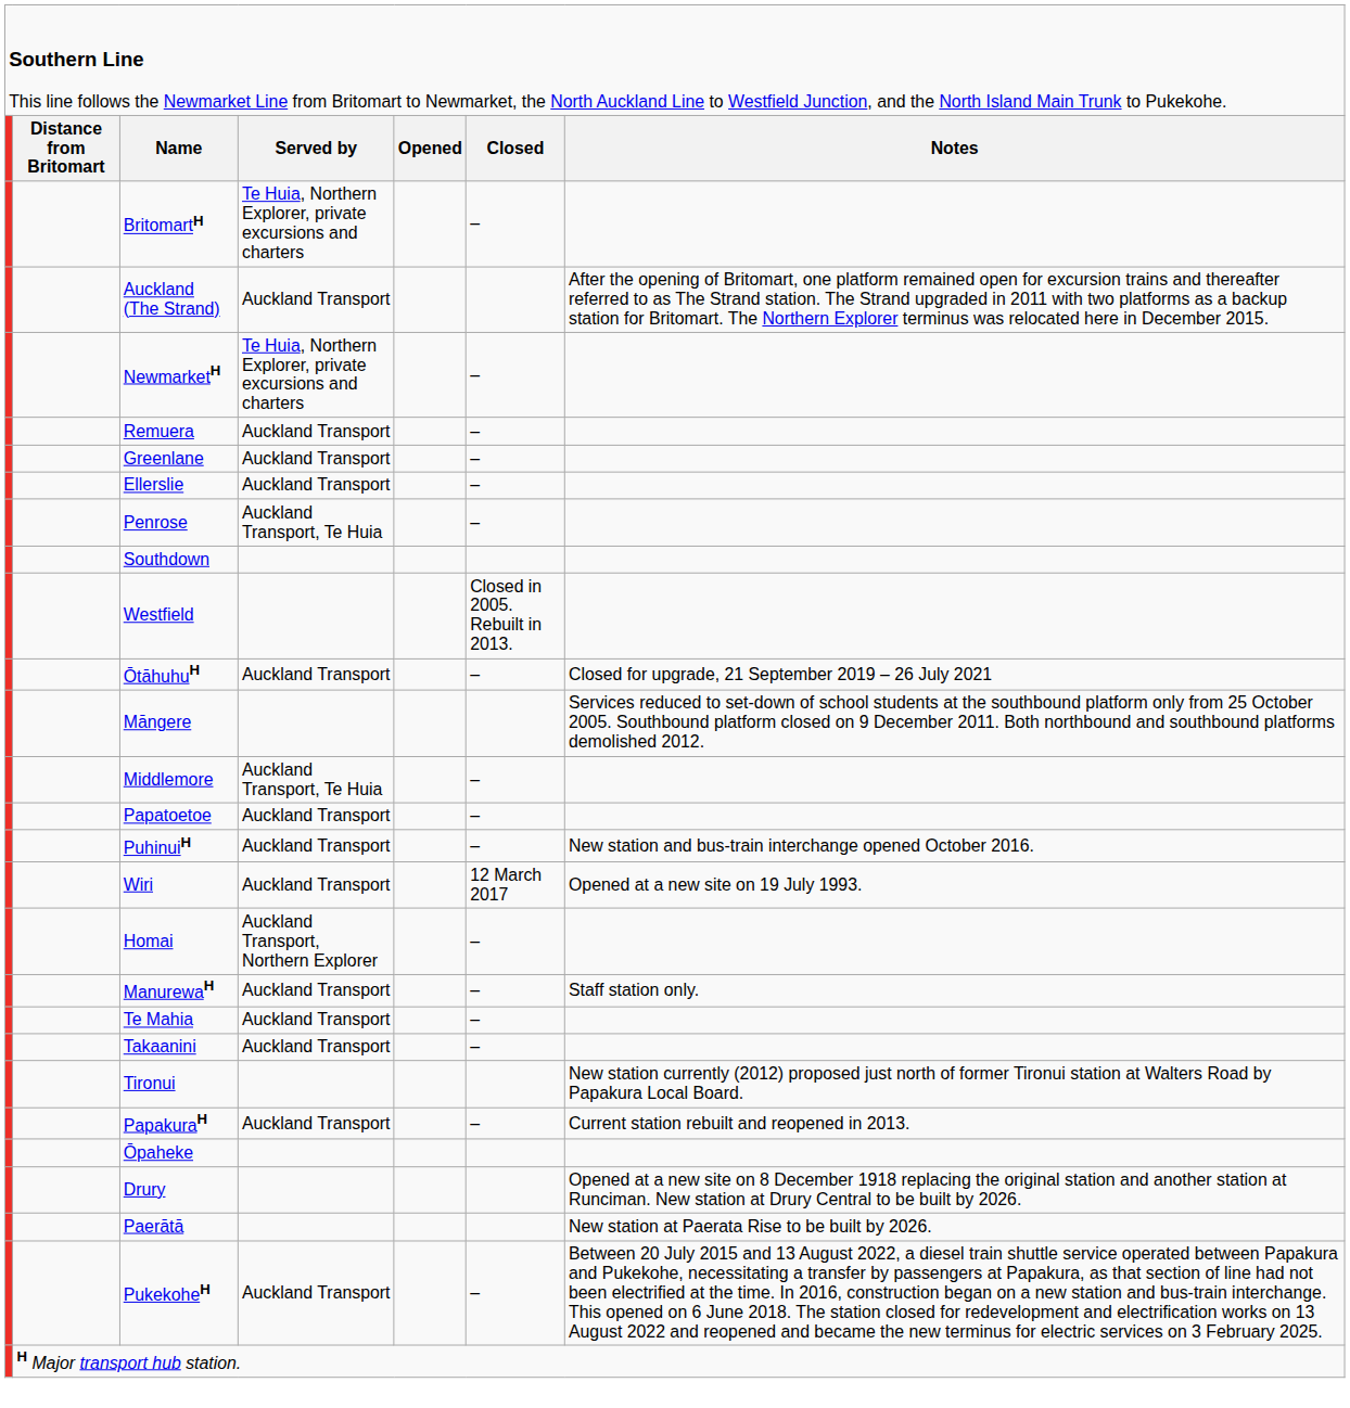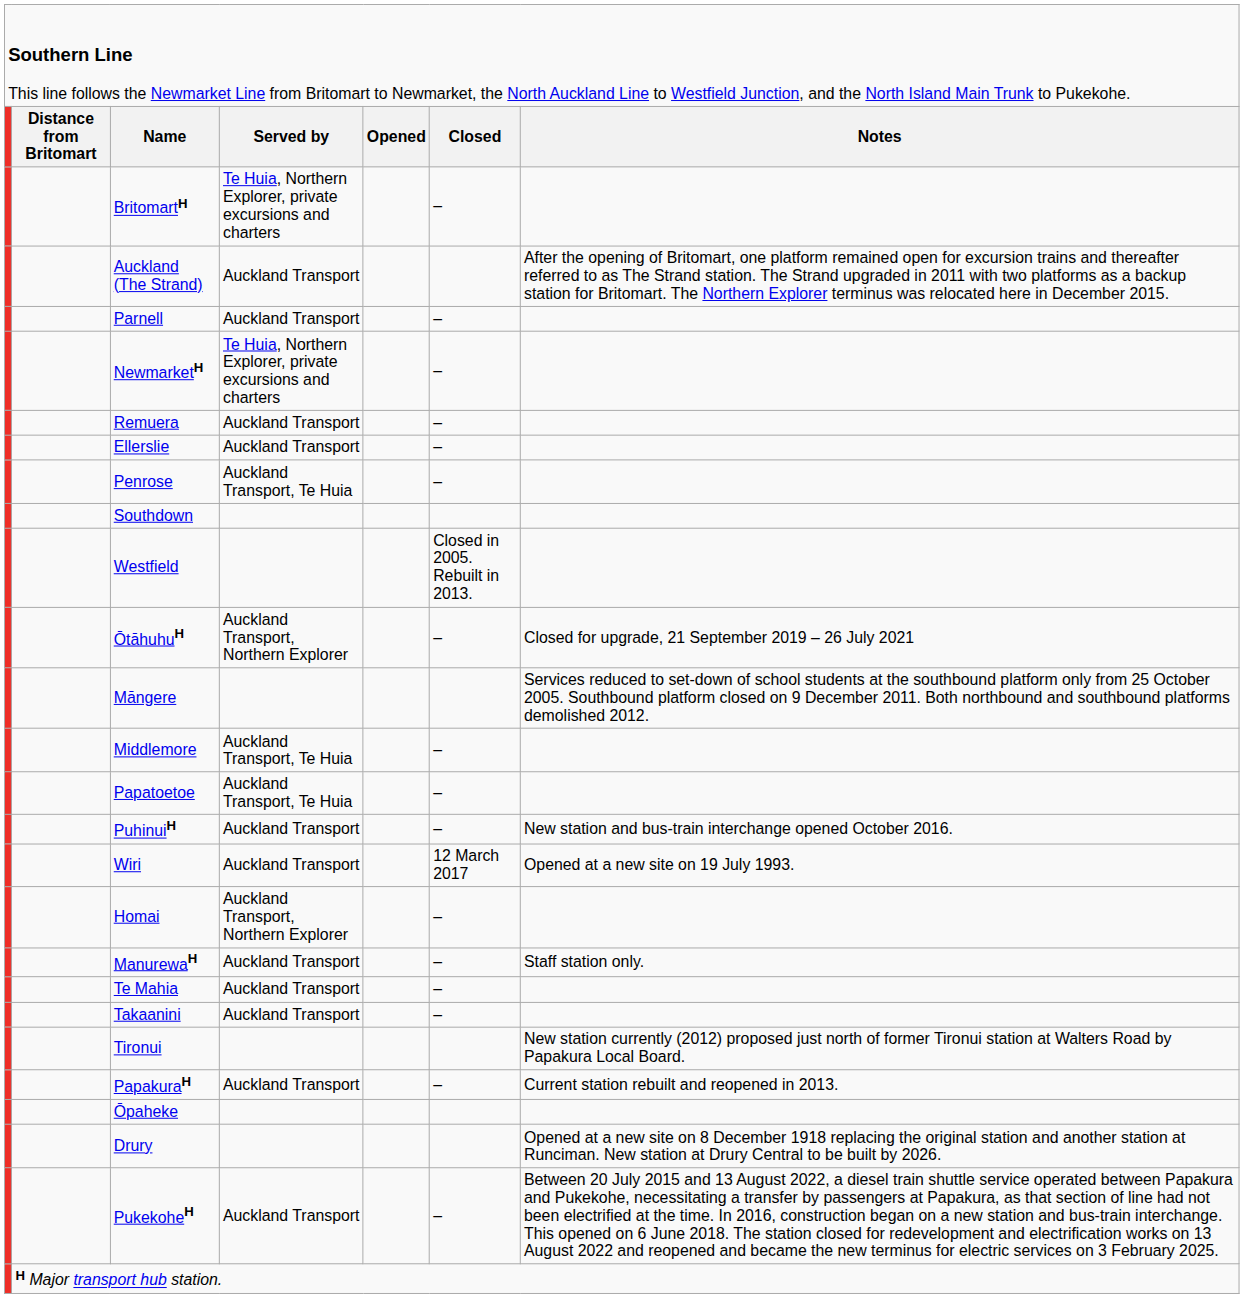 <table class="wikitable">
 <tr>
 <td align="left" colspan=7><br><h3>Southern Line</h3> This line follows the <a href='#'>Newmarket Line</a> from Britomart to Newmarket, the <a href='#'>North Auckland Line</a> to <a href='#'>Westfield Junction</a>, and the <a href='#'>North Island Main Trunk</a> to Pukekohe.</td>
 </tr>
 <tr>
 <td bgcolor=#ee2e27></td>
 <th>Distance from Britomart</th>
 <th>Name</th>
 <th>Served by</th>
 <th>Opened</th>
 <th>Closed</th>
 <th>Notes</th>
 </tr>
 <tr>
 <td bgcolor=#ee2e27></td>
 <td></td>
 <td><a href='#'>Britomart</a><strong><sup>H</sup></strong></td>
 <td><a href='#'>Te Huia</a>, Northern Explorer, private excursions and charters</td>
 <td></td>
 <td>–</td>
 <td></td>
 </tr>
 <tr>
 <td bgcolor=#ee2e27></td>
 <td></td>
 <td><a href='#'>Auckland (The Strand)</a></td>
 <td>Auckland Transport</td>
 <td></td>
 <td></td>
 <td>After the opening of Britomart, one platform remained open for excursion trains and thereafter referred to as The Strand station. The Strand upgraded in 2011 with two platforms as a backup station for Britomart. The <a href='#'>Northern Explorer</a> terminus was relocated here in December 2015.</td>
 </tr>
 <tr>
 <td bgcolor=#ee2e27></td>
 <td></td>
+<td><a href='#'>Parnell</a></td>
+<td>Auckland Transport</td>
+<td></td>
+<td>–</td>
+<td></td>
+</tr>
+<tr>
+<td bgcolor=#ee2e27></td>
+<td></td>
 <td><a href='#'>Newmarket</a><strong><sup>H</sup></strong></td>
 <td><a href='#'>Te Huia</a>, Northern Explorer, private excursions and charters</td>
 <td></td>
 <td>–</td>
 <td></td>
 </tr>
 <tr>
 <td bgcolor=#ee2e27></td>
 <td></td>
 <td><a href='#'>Remuera</a></td>
-<td>Auckland Transport</td>
-<td></td>
-<td>–</td>
-<td></td>
-</tr>
-<tr>
-<td bgcolor=#ee2e27></td>
-<td></td>
-<td><a href='#'>Greenlane</a></td>
 <td>Auckland Transport</td>
 <td></td>
 <td>–</td>
 <td></td>
 </tr>
 <tr>
 <td bgcolor=#ee2e27></td>
 <td></td>
 <td><a href='#'>Ellerslie</a></td>
 <td>Auckland Transport</td>
 <td></td>
 <td>–</td>
 <td></td>
 </tr>
 <tr>
 <td bgcolor=#ee2e27></td>
 <td></td>
 <td><a href='#'>Penrose</a></td>
 <td>Auckland Transport, Te Huia</td>
 <td></td>
 <td>–</td>
 <td></td>
 </tr>
 <tr>
 <td bgcolor=#ee2e27></td>
 <td></td>
 <td><a href='#'>Southdown</a></td>
 <td></td>
 <td></td>
 <td></td>
 <td></td>
 </tr>
 <tr>
 <td bgcolor=#ee2e27></td>
 <td></td>
 <td><a href='#'>Westfield</a></td>
 <td></td>
 <td></td>
 <td>Closed in 2005. Rebuilt in 2013.</td>
 <td></td>
 </tr>
 <tr>
 <td bgcolor=#ee2e27></td>
 <td></td>
 <td><a href='#'>Ōtāhuhu</a><strong><sup>H</sup></strong></td>
-<td>Auckland Transport</td>
+<td>Auckland Transport, Northern Explorer</td>
 <td></td>
 <td>–</td>
 <td>Closed for upgrade, 21 September 2019 – 26 July 2021</td>
 </tr>
 <tr>
 <td bgcolor=#ee2e27></td>
 <td></td>
 <td><a href='#'>Māngere</a></td>
 <td></td>
 <td></td>
 <td></td>
 <td>Services reduced to set-down of school students at the southbound platform only from 25 October 2005. Southbound platform closed on 9 December 2011. Both northbound and southbound platforms demolished 2012.</td>
 </tr>
 <tr>
 <td bgcolor=#ee2e27></td>
 <td></td>
 <td><a href='#'>Middlemore</a></td>
 <td>Auckland Transport, Te Huia</td>
 <td></td>
 <td>–</td>
 <td></td>
 </tr>
 <tr>
 <td bgcolor=#ee2e27></td>
 <td></td>
 <td><a href='#'>Papatoetoe</a></td>
-<td>Auckland Transport</td>
+<td>Auckland Transport, Te Huia</td>
 <td></td>
 <td>–</td>
 <td></td>
 </tr>
 <tr>
 <td bgcolor=#ee2e27></td>
 <td></td>
 <td><a href='#'>Puhinui</a><strong><sup>H</sup></strong></td>
 <td>Auckland Transport</td>
 <td></td>
 <td>–</td>
 <td>New station and bus-train interchange opened October 2016.</td>
 </tr>
 <tr>
 <td bgcolor=#ee2e27></td>
 <td></td>
 <td><a href='#'>Wiri</a></td>
 <td>Auckland Transport</td>
 <td></td>
 <td>12 March 2017</td>
 <td>Opened at a new site on 19 July 1993.</td>
 </tr>
 <tr>
 <td bgcolor=#ee2e27></td>
 <td></td>
 <td><a href='#'>Homai</a></td>
 <td>Auckland Transport, Northern Explorer</td>
 <td></td>
 <td>–</td>
 <td></td>
 </tr>
 <tr>
 <td bgcolor=#ee2e27></td>
 <td></td>
 <td><a href='#'>Manurewa</a><strong><sup>H</sup></strong></td>
 <td>Auckland Transport</td>
 <td></td>
 <td>–</td>
 <td>Staff station only.</td>
 </tr>
 <tr>
 <td bgcolor=#ee2e27></td>
 <td></td>
 <td><a href='#'>Te Mahia</a></td>
 <td>Auckland Transport</td>
 <td></td>
 <td>–</td>
 <td></td>
 </tr>
 <tr>
 <td bgcolor=#ee2e27></td>
 <td></td>
 <td><a href='#'>Takaanini</a></td>
 <td>Auckland Transport</td>
 <td></td>
 <td>–</td>
 <td></td>
 </tr>
 <tr>
 <td bgcolor=#ee2e27></td>
 <td></td>
 <td><a href='#'>Tironui</a></td>
 <td></td>
 <td></td>
 <td></td>
 <td>New station currently (2012) proposed just north of former Tironui station at Walters Road by Papakura Local Board.</td>
 </tr>
 <tr>
 <td bgcolor=#ee2e27></td>
 <td></td>
 <td><a href='#'>Papakura</a><strong><sup>H</sup></strong></td>
 <td>Auckland Transport</td>
 <td></td>
 <td>–</td>
 <td>Current station rebuilt and reopened in 2013.</td>
 </tr>
 <tr>
 <td bgcolor=#ee2e27></td>
 <td></td>
 <td><a href='#'>Ōpaheke</a></td>
 <td></td>
 <td> </td>
 <td></td>
 <td></td>
 </tr>
 <tr>
 <td bgcolor=#ee2e27></td>
 <td></td>
 <td><a href='#'>Drury</a></td>
 <td></td>
 <td></td>
 <td></td>
 <td>Opened at a new site on 8 December 1918 replacing the original station and another station at Runciman. New station at Drury Central to be built by 2026.</td>
 </tr>
 <tr>
 <td bgcolor=#ee2e27></td>
 <td></td>
-<td><a href='#'>Paerātā</a></td>
-<td></td>
-<td></td>
-<td></td>
-<td>New station at Paerata Rise to be built by 2026.</td>
-</tr>
-<tr>
-<td bgcolor=#ee2e27></td>
-<td></td>
 <td><a href='#'>Pukekohe</a><strong><sup>H</sup></strong></td>
 <td>Auckland Transport</td>
 <td></td>
 <td>–</td>
 <td>Between 20 July 2015 and 13 August 2022, a diesel train shuttle service operated between Papakura and Pukekohe, necessitating a transfer by passengers at Papakura, as that section of line had not been electrified at the time. In 2016, construction began on a new station and bus-train interchange. This opened on 6 June 2018. The station closed for redevelopment and electrification works on 13 August 2022 and reopened and became the new terminus for electric services on 3 February 2025.</td>
 </tr>
 <tr>
 <td bgcolor=#ee2e27></td>
 <td colspan=6><strong><sup>H</sup></strong> <em>Major <a href='#'>transport hub</a> station.</em></td>
 </tr>
 </table>
